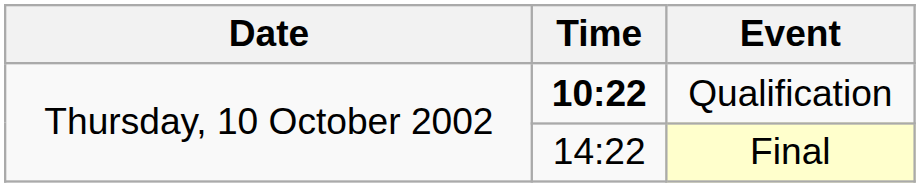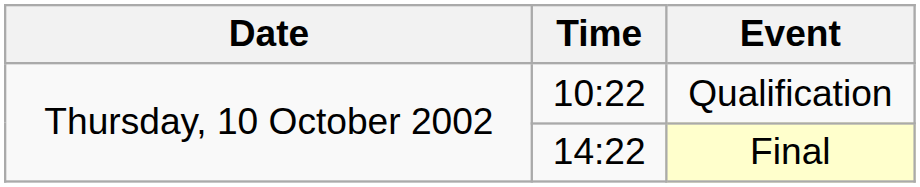 <table class = "wikitable" style="text-align:center;">
 <tr>
 <th width=220>Date</th>
 <th width=50>Time</th>
 <th width=100>Event</th>
 </tr>
 <tr>
 <td rowspan=2>Thursday, 10 October 2002</td>
-<td><strong>10:22</strong></td>
+<td>10:22</td>
 <td>Qualification</td>
 </tr>
 <tr>
 <td>14:22</td>
 <td bgcolor=ffffcc>Final</td>
 </tr>
 </table>
